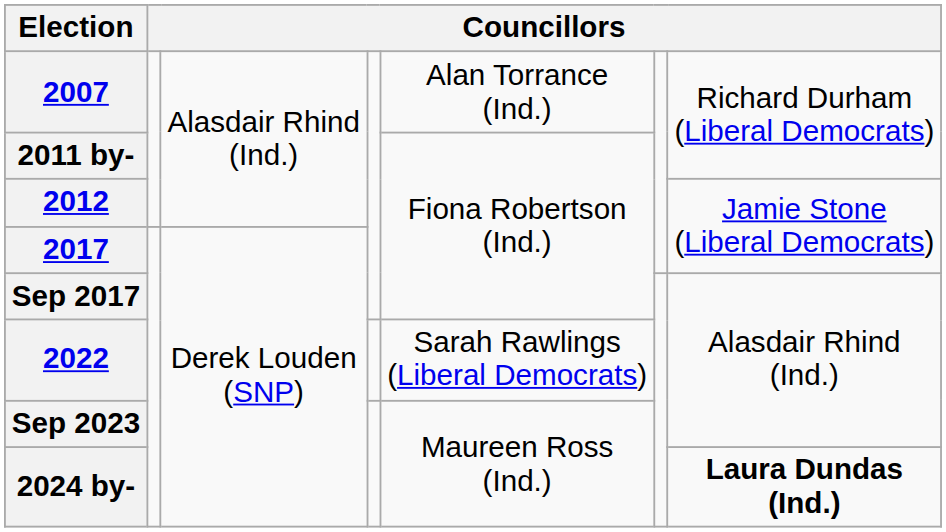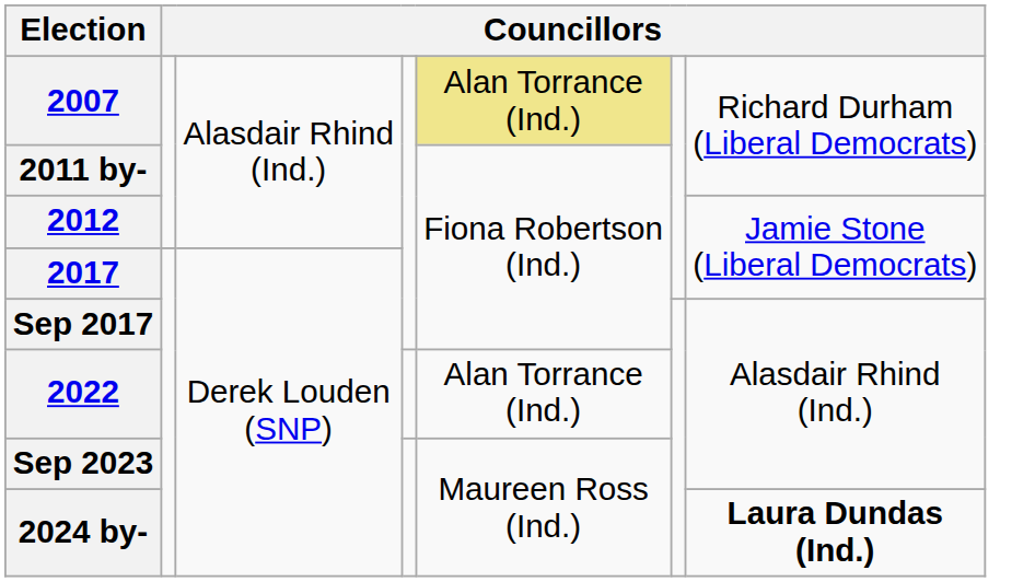 <table class="wikitable" style="text-align:center">
 <tr>
 <th>Election</th>
 <th colspan=8>Councillors</th>
 </tr>
 <tr>
 <th><a href='#'>2007</a></th>
 <td rowspan=3; style="background-color: "></td>
 <td rowspan=3>Alasdair Rhind<br>(Ind.)</td>
 <td rowspan=5; style="background-color: "></td>
-<td rowspan=1>Alan Torrance<br>(Ind.)</td>
+<td rowspan=1 style="background: khaki;">Alan Torrance<br>(Ind.)</td>
 <td rowspan=4; style="background-color: "></td>
 <td rowspan=2>Richard Durham<br>(<a href='#'>Liberal Democrats</a>)</td>
 </tr>
 <tr>
 <th>2011 by-</th>
 <td rowspan=4>Fiona Robertson<br>(Ind.)</td>
 </tr>
 <tr>
 <th><a href='#'>2012</a></th>
 <td rowspan=2><a href='#'>Jamie Stone</a><br>(<a href='#'>Liberal Democrats</a>)</td>
 </tr>
 <tr>
 <th><a href='#'>2017</a></th>
 <td rowspan=5; style="background-color: "></td>
 <td rowspan=5>Derek Louden<br>(<a href='#'>SNP</a>)</td>
 </tr>
 <tr>
 <th>Sep 2017</th>
 <td rowspan=4; style="background-color: "></td>
 <td rowspan=3>Alasdair Rhind<br>(Ind.)</td>
 </tr>
 <tr>
 <th><a href='#'>2022</a></th>
 <td rowspan=1; style="background-color: "></td>
-<td rowspan=1>Sarah Rawlings<br>(<a href='#'>Liberal Democrats</a>)</td>
+<td rowspan=1>Alan Torrance<br>(Ind.)</td>
 </tr>
 <tr>
 <th>Sep 2023</th>
 <td rowspan=2; style="background-color: "></td>
 <td rowspan=2>Maureen Ross<br>(Ind.)</td>
 </tr>
 <tr>
 <th>2024 by-</th>
 <td><strong>Laura Dundas<br>(Ind.)</strong></td>
 </tr>
 </table>
